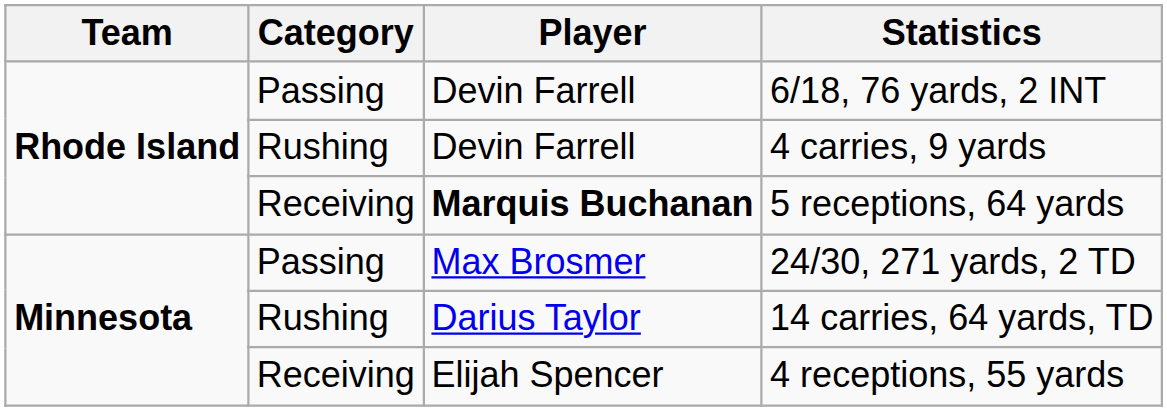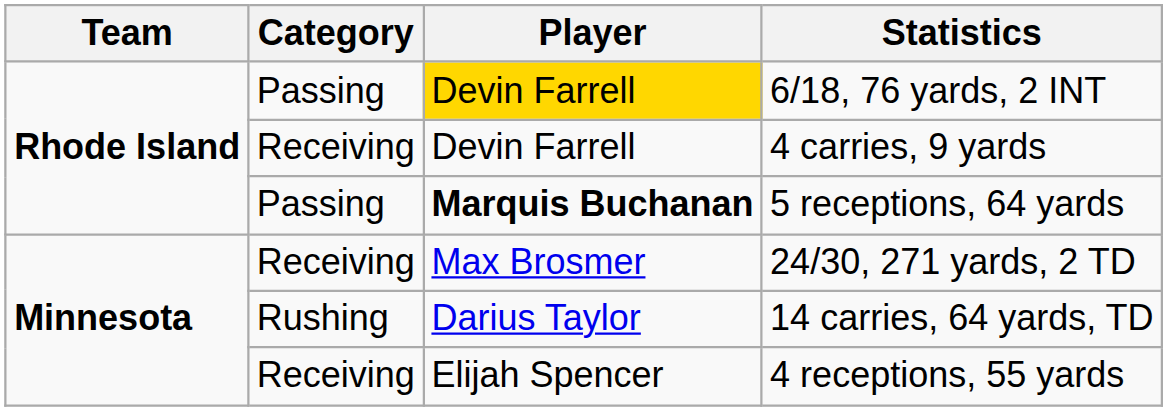 <table class="wikitable" style="float: right;">
 <tr>
 <th>Team</th>
 <th>Category</th>
 <th>Player</th>
 <th>Statistics</th>
 </tr>
 <tr>
 <td rowspan=3><strong>Rhode Island</strong></td>
 <td>Passing</td>
-<td>Devin Farrell</td>
+<td style="background: gold;">Devin Farrell</td>
 <td>6/18, 76 yards, 2 INT</td>
 </tr>
 <tr>
-<td>Rushing</td>
+<td>Receiving</td>
 <td>Devin Farrell</td>
 <td>4 carries, 9 yards</td>
 </tr>
 <tr>
-<td>Receiving</td>
+<td>Passing</td>
 <td><strong>Marquis Buchanan</strong></td>
 <td>5 receptions, 64 yards</td>
 </tr>
 <tr>
 <td rowspan=3><strong>Minnesota</strong></td>
-<td>Passing</td>
+<td>Receiving</td>
 <td><a href='#'>Max Brosmer</a></td>
 <td>24/30, 271 yards, 2 TD</td>
 </tr>
 <tr>
 <td>Rushing</td>
 <td><a href='#'>Darius Taylor</a></td>
 <td>14 carries, 64 yards, TD</td>
 </tr>
 <tr>
 <td>Receiving</td>
 <td>Elijah Spencer</td>
 <td>4 receptions, 55 yards</td>
 </tr>
 </table>
